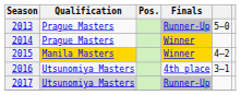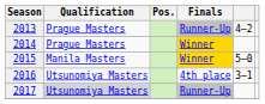 <table class="wikitable" style="font-size:85%; text-align:center">
 <tr>
 <th>Season</th>
 <th>Qualification</th>
 <th>Pos.</th>
 <th>Finals</th>
 <th></th>
 <th></th>
 </tr>
 <tr>
 <td bgcolor=#efefef><a href='#'>2013</a></td>
 <td align=left><a href='#'>Prague Masters</a></td>
 <td align=center bgcolor=#D0F0C0></td>
 <td align=left bgcolor=silver><a href='#'>Runner-Up</a></td>
-<td>5–0</td>
+<td>4–2</td>
 <td></td>
 </tr>
 <tr>
 <td bgcolor=#efefef><a href='#'>2014</a></td>
 <td align=left><a href='#'>Prague Masters</a></td>
 <td align=center bgcolor=#D0F0C0></td>
 <td align=left bgcolor=gold><a href='#'>Winner</a></td>
 <td></td>
 <td></td>
 </tr>
 <tr>
 <td bgcolor=#efefef><a href='#'>2015</a></td>
-<td align=left style="background: gold;"><a href='#'>Manila Masters</a></td>
+<td align=left><a href='#'>Manila Masters</a></td>
 <td align=center bgcolor=#D0F0C0></td>
 <td align=left bgcolor=gold><a href='#'>Winner</a></td>
-<td>4–2</td>
+<td>5–0</td>
 <td></td>
 </tr>
 <tr>
 <td bgcolor=#efefef><a href='#'>2016</a></td>
 <td align=left><a href='#'>Utsunomiya Masters</a></td>
 <td align=center bgcolor=#D0F0C0></td>
 <td align=left><a href='#'>4th place</a></td>
 <td>3–1</td>
 <td></td>
 </tr>
 <tr>
 <td bgcolor=#efefef><a href='#'>2017</a></td>
 <td align=left style="background: lightgrey;"><a href='#'>Utsunomiya Masters</a></td>
 <td align=center bgcolor=#D0F0C0></td>
 <td align=left bgcolor=silver><a href='#'>Runner-Up</a></td>
 <td></td>
 <td></td>
 </tr>
 <tr>
 </tr>
 </table>
